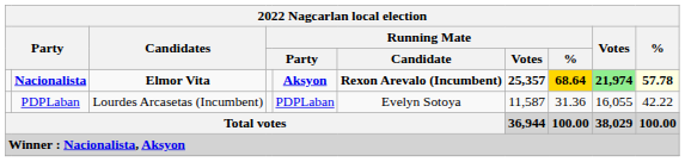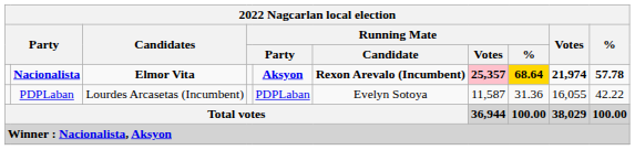 <table class="wikitable" style="text-align:center">
 <tr>
 <th colspan="10">2022 Nagcarlan local election</th>
 </tr>
 <tr>
 <th rowspan="2" colspan="2">Party</th>
 <th rowspan="2">Candidates</th>
 <th colspan="5">Running Mate</th>
 <th rowspan="2">Votes</th>
 <th rowspan="2">%</th>
 </tr>
 <tr>
 <th colspan="2">Party</th>
 <th>Candidate</th>
 <th>Votes</th>
 <th>%</th>
 </tr>
 <tr>
 <td style="background:"></td>
 <td><strong><a href='#'>Nacionalista</a></strong></td>
 <td><strong>Elmor Vita</strong></td>
 <td style="background:"></td>
 <td><strong><a href='#'>Aksyon</a></strong></td>
 <td><strong>Rexon Arevalo (Incumbent)</strong></td>
-<td><strong>25,357</strong></td>
+<td style="background: pink;"><strong>25,357</strong></td>
 <td style="background: gold;"><strong>68.64</strong></td>
-<td style="background: lightgreen;"><strong>21,974</strong></td>
-<td style="background: lightyellow;"><strong>57.78</strong></td>
+<td><strong>21,974</strong></td>
+<td><strong>57.78</strong></td>
 </tr>
 <tr>
 <td style="background:"></td>
 <td><a href='#'>PDPLaban</a></td>
 <td>Lourdes Arcasetas (Incumbent)</td>
 <td style="background:"></td>
 <td><a href='#'>PDPLaban</a></td>
 <td>Evelyn Sotoya</td>
 <td>11,587</td>
 <td>31.36</td>
 <td>16,055</td>
 <td>42.22</td>
 </tr>
 <tr>
 <th colspan="6">Total votes</th>
 <td style="background:lightgray;"><strong>36,944</strong></td>
 <td style="background:lightgray;"><strong>100.00</strong></td>
 <td style="background:lightgray;"><strong>38,029</strong></td>
 <td style="background:lightgray;"><strong>100.00</strong></td>
 </tr>
 <tr>
 <td style="background:lightgray;" colspan="10" align="left"><strong>Winner : <a href='#'>Nacionalista</a>, <a href='#'>Aksyon</a></strong></td>
 </tr>
 <tr>
 </tr>
 </table>
